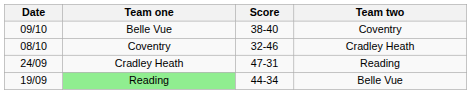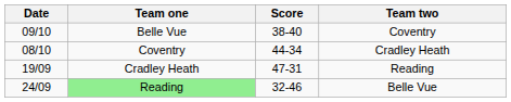 <table class="wikitable" style="text-align: center">
 <tr>
 <th width=80>Date</th>
 <th width=250>Team one</th>
 <th width=80>Score</th>
 <th width=250>Team two</th>
 </tr>
 <tr>
 <td>09/10</td>
 <td>Belle Vue</td>
 <td>38-40</td>
 <td>Coventry</td>
 </tr>
 <tr>
 <td>08/10</td>
 <td>Coventry</td>
-<td>32-46</td>
+<td>44-34</td>
 <td>Cradley Heath</td>
 </tr>
 <tr>
-<td>24/09</td>
+<td>19/09</td>
 <td>Cradley Heath</td>
 <td>47-31</td>
 <td>Reading</td>
 </tr>
 <tr>
-<td>19/09</td>
+<td>24/09</td>
 <td style="background: lightgreen;">Reading</td>
-<td>44-34</td>
+<td>32-46</td>
 <td>Belle Vue</td>
 </tr>
 </table>
